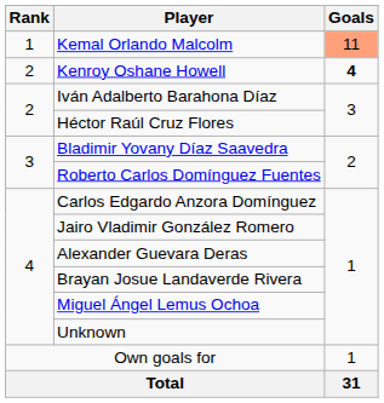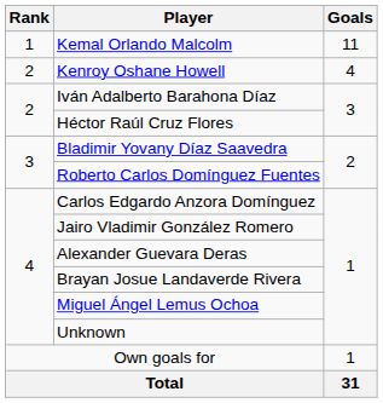 <table class="wikitable" style="text-align:center;">
 <tr>
 <th>Rank</th>
 <th>Player</th>
 <th>Goals</th>
 </tr>
 <tr>
 <td>1</td>
 <td align="left"> <a href='#'>Kemal Orlando Malcolm</a></td>
-<td style="background: lightsalmon;">11</td>
+<td>11</td>
 </tr>
 <tr>
 <td>2</td>
 <td align="left"> <a href='#'>Kenroy Oshane Howell</a></td>
-<td><strong>4</strong></td>
+<td>4</td>
 </tr>
 <tr>
 <td rowspan="2">2</td>
 <td align="left"> Iván Adalberto Barahona Díaz</td>
 <td rowspan="2">3</td>
 </tr>
 <tr>
 <td align="left"> Héctor Raúl Cruz Flores</td>
 </tr>
 <tr>
 <td rowspan="2">3</td>
 <td align="left"> <a href='#'>Bladimir Yovany Díaz Saavedra</a></td>
 <td rowspan="2">2</td>
 </tr>
 <tr>
 <td align="left"> <a href='#'>Roberto Carlos Domínguez Fuentes</a></td>
 </tr>
 <tr>
 <td rowspan="6">4</td>
 <td align="left"> Carlos Edgardo Anzora Domínguez</td>
 <td rowspan="6">1</td>
 </tr>
 <tr>
 <td align="left"> Jairo Vladimir González Romero</td>
 </tr>
 <tr>
 <td align="left"> Alexander Guevara Deras</td>
 </tr>
 <tr>
 <td align="left"> Brayan Josue Landaverde Rivera</td>
 </tr>
 <tr>
 <td align="left"> <a href='#'>Miguel Ángel Lemus Ochoa</a></td>
 </tr>
 <tr>
 <td align="left">Unknown</td>
 </tr>
 <tr>
 <td colspan="2">Own goals for</td>
 <td>1</td>
 </tr>
 <tr>
 <th colspan="2">Total</th>
 <th>31</th>
 </tr>
 </table>
